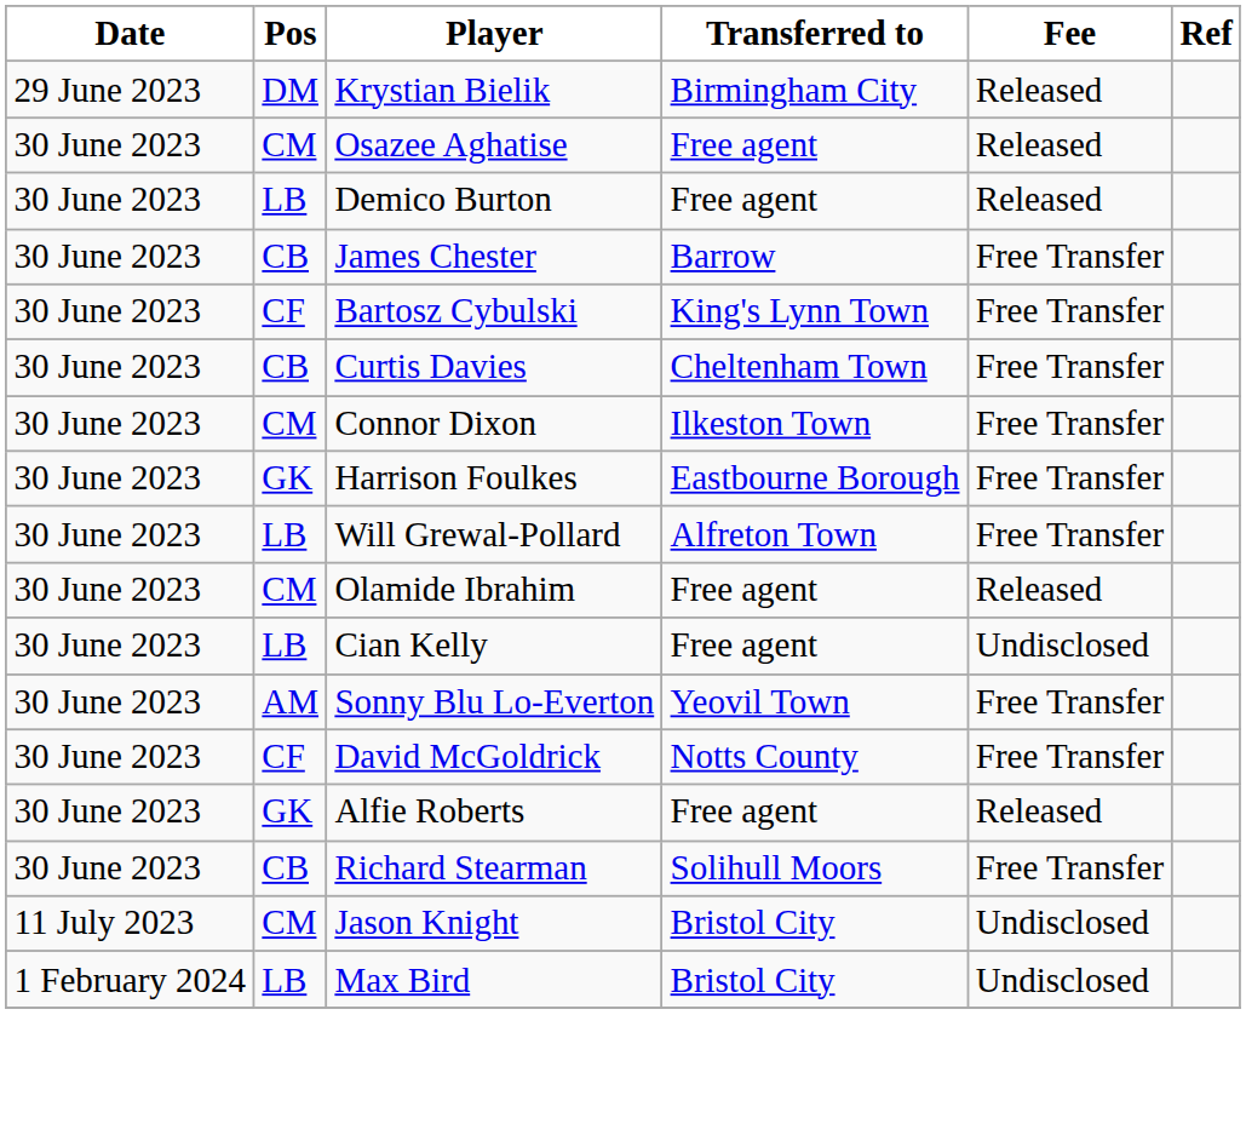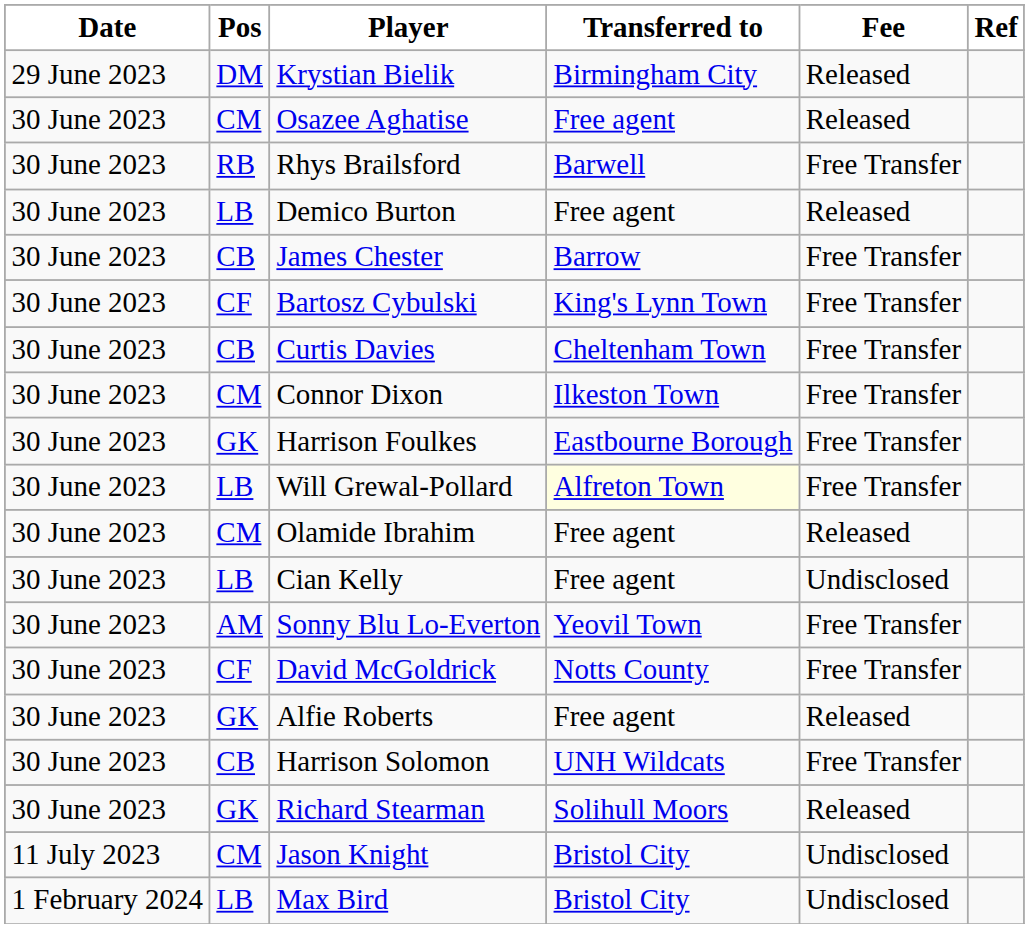 <table class="wikitable plainrowheaders sortable">
 <tr>
 <th style="color:#000000; background:#ffffff; ">Date</th>
 <th style="color:#000000; background:#ffffff; ">Pos</th>
 <th style="color:#000000; background:#ffffff; ">Player</th>
 <th style="color:#000000; background:#ffffff; ">Transferred to</th>
 <th style="color:#000000; background:#ffffff; ">Fee</th>
 <th style="color:#000000; background:#ffffff; ">Ref</th>
 </tr>
 <tr>
 <td>29 June 2023</td>
 <td><a href='#'>DM</a></td>
 <td> <a href='#'>Krystian Bielik</a></td>
 <td> <a href='#'>Birmingham City</a></td>
 <td>Released</td>
 <td></td>
 </tr>
 <tr>
 <td>30 June 2023</td>
 <td><a href='#'>CM</a></td>
 <td> <a href='#'>Osazee Aghatise</a></td>
 <td> <a href='#'>Free agent</a></td>
 <td>Released</td>
+<td></td>
+</tr>
+<tr>
+<td>30 June 2023</td>
+<td><a href='#'>RB</a></td>
+<td> Rhys Brailsford</td>
+<td> <a href='#'>Barwell</a></td>
+<td>Free Transfer</td>
 <td></td>
 </tr>
 <tr>
 <td>30 June 2023</td>
 <td><a href='#'>LB</a></td>
 <td> Demico Burton</td>
 <td> Free agent</td>
 <td>Released</td>
 <td></td>
 </tr>
 <tr>
 <td>30 June 2023</td>
 <td><a href='#'>CB</a></td>
 <td> <a href='#'>James Chester</a></td>
 <td> <a href='#'>Barrow</a></td>
 <td>Free Transfer</td>
 <td></td>
 </tr>
 <tr>
 <td>30 June 2023</td>
 <td><a href='#'>CF</a></td>
 <td> <a href='#'>Bartosz Cybulski</a></td>
 <td> <a href='#'>King's Lynn Town</a></td>
 <td>Free Transfer</td>
 <td></td>
 </tr>
 <tr>
 <td>30 June 2023</td>
 <td><a href='#'>CB</a></td>
 <td> <a href='#'>Curtis Davies</a></td>
 <td> <a href='#'>Cheltenham Town</a></td>
 <td>Free Transfer</td>
 <td></td>
 </tr>
 <tr>
 <td>30 June 2023</td>
 <td><a href='#'>CM</a></td>
 <td> Connor Dixon</td>
 <td> <a href='#'>Ilkeston Town</a></td>
 <td>Free Transfer</td>
 <td></td>
 </tr>
 <tr>
 <td>30 June 2023</td>
 <td><a href='#'>GK</a></td>
 <td> Harrison Foulkes</td>
 <td> <a href='#'>Eastbourne Borough</a></td>
 <td>Free Transfer</td>
 <td></td>
 </tr>
 <tr>
 <td>30 June 2023</td>
 <td><a href='#'>LB</a></td>
 <td> Will Grewal-Pollard</td>
-<td> <a href='#'>Alfreton Town</a></td>
+<td style="background: lightyellow;"> <a href='#'>Alfreton Town</a></td>
 <td>Free Transfer</td>
 <td></td>
 </tr>
 <tr>
 <td>30 June 2023</td>
 <td><a href='#'>CM</a></td>
 <td> Olamide Ibrahim</td>
 <td> Free agent</td>
 <td>Released</td>
 <td></td>
 </tr>
 <tr>
 <td>30 June 2023</td>
 <td><a href='#'>LB</a></td>
 <td> Cian Kelly</td>
 <td> Free agent</td>
 <td>Undisclosed</td>
 <td></td>
 </tr>
 <tr>
 <td>30 June 2023</td>
 <td><a href='#'>AM</a></td>
 <td> <a href='#'>Sonny Blu Lo-Everton</a></td>
 <td> <a href='#'>Yeovil Town</a></td>
 <td>Free Transfer</td>
 <td></td>
 </tr>
 <tr>
 <td>30 June 2023</td>
 <td><a href='#'>CF</a></td>
 <td> <a href='#'>David McGoldrick</a></td>
 <td> <a href='#'>Notts County</a></td>
 <td>Free Transfer</td>
 <td></td>
 </tr>
 <tr>
 <td>30 June 2023</td>
 <td><a href='#'>GK</a></td>
 <td> Alfie Roberts</td>
 <td> Free agent</td>
 <td>Released</td>
 <td></td>
 </tr>
 <tr>
 <td>30 June 2023</td>
 <td><a href='#'>CB</a></td>
+<td> Harrison Solomon</td>
+<td> <a href='#'>UNH Wildcats</a></td>
+<td>Free Transfer</td>
+<td></td>
+</tr>
+<tr>
+<td>30 June 2023</td>
+<td><a href='#'>GK</a></td>
 <td> <a href='#'>Richard Stearman</a></td>
 <td> <a href='#'>Solihull Moors</a></td>
-<td>Free Transfer</td>
+<td>Released</td>
 <td></td>
 </tr>
 <tr>
 <td>11 July 2023</td>
 <td><a href='#'>CM</a></td>
 <td> <a href='#'>Jason Knight</a></td>
 <td> <a href='#'>Bristol City</a></td>
 <td>Undisclosed</td>
 <td></td>
 </tr>
 <tr>
 <td>1 February 2024</td>
 <td><a href='#'>LB</a></td>
 <td> <a href='#'>Max Bird</a></td>
 <td> <a href='#'>Bristol City</a></td>
 <td>Undisclosed</td>
 <td></td>
 </tr>
 <tr>
 </tr>
 </table>
